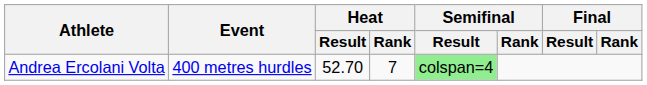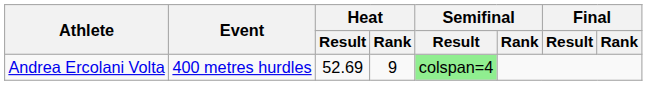 <table class="wikitable" style="font-size:90%">
 <tr>
 <th rowspan="2">Athlete</th>
 <th rowspan="2">Event</th>
 <th colspan="2">Heat</th>
 <th colspan="2">Semifinal</th>
 <th colspan="2">Final</th>
 </tr>
 <tr style="font-size:95%">
 <th>Result</th>
 <th>Rank</th>
 <th>Result</th>
 <th>Rank</th>
 <th>Result</th>
 <th>Rank</th>
 </tr>
 <tr align=center>
 <td align=left><a href='#'>Andrea Ercolani Volta</a></td>
 <td align=left><a href='#'>400 metres hurdles</a></td>
-<td>52.70</td>
-<td>7</td>
+<td>52.69</td>
+<td>9</td>
 <td style="background: lightgreen;">colspan=4 </td>
 </tr>
 </table>
